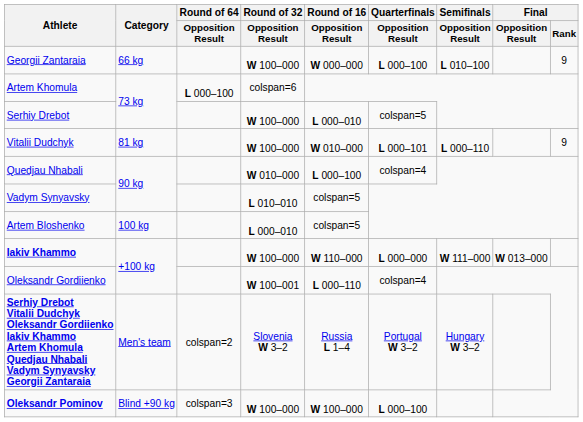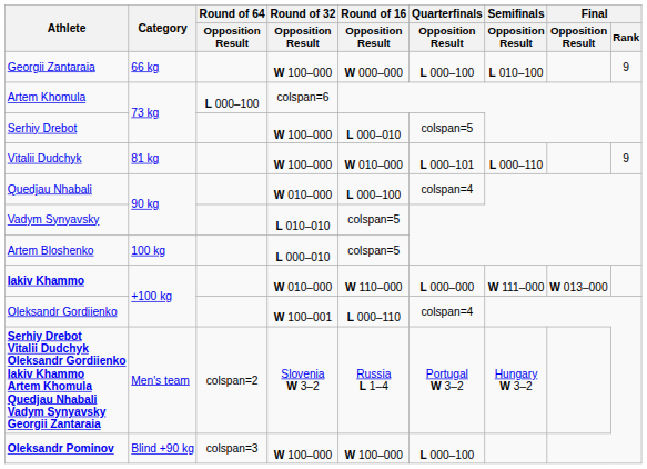 <table class="wikitable" style="text-align:center; font-size:90%">
 <tr>
 <th rowspan=2>Athlete</th>
 <th rowspan=2>Category</th>
 <th>Round of 64</th>
 <th>Round of 32</th>
 <th>Round of 16</th>
 <th>Quarterfinals</th>
 <th>Semifinals</th>
 <th colspan=2>Final</th>
 </tr>
 <tr style="font-size:95%">
 <th>Opposition<br>Result</th>
 <th>Opposition<br>Result</th>
 <th>Opposition<br>Result</th>
 <th>Opposition<br>Result</th>
 <th>Opposition<br>Result</th>
 <th>Opposition<br>Result</th>
 <th>Rank</th>
 </tr>
 <tr>
 <td align=left><a href='#'>Georgii Zantaraia</a></td>
 <td align=left><a href='#'>66 kg</a></td>
 <td></td>
 <td><br> <strong>W</strong> 100–000</td>
 <td><br> <strong>W</strong> 000–000</td>
 <td><br> <strong>L</strong> 000–100</td>
 <td><br> <strong>L</strong> 010–100</td>
 <td></td>
 <td>9</td>
 </tr>
 <tr>
 <td align=left><a href='#'>Artem Khomula</a></td>
 <td align=left rowspan="2"><a href='#'>73 kg</a></td>
 <td><br> <strong>L</strong> 000–100</td>
 <td>colspan=6 </td>
 </tr>
 <tr>
 <td align=left><a href='#'>Serhiy Drebot</a></td>
 <td></td>
 <td><br> <strong>W</strong> 100–000</td>
 <td><br> <strong>L</strong> 000–010</td>
 <td>colspan=5 </td>
 </tr>
 <tr>
 <td align=left><a href='#'>Vitalii Dudchyk</a></td>
 <td align=left><a href='#'>81 kg</a></td>
 <td></td>
 <td><br> <strong>W</strong> 100–000</td>
 <td><br> <strong>W</strong> 010–000</td>
 <td><br> <strong>L</strong> 000–101</td>
 <td><br> <strong>L</strong> 000–110</td>
 <td></td>
 <td>9</td>
 </tr>
 <tr>
 <td align=left><a href='#'>Quedjau Nhabali</a></td>
 <td align=left rowspan=2><a href='#'>90 kg</a></td>
 <td></td>
 <td><br> <strong>W</strong> 010–000</td>
 <td><br> <strong>L</strong> 000–100</td>
 <td>colspan=4 </td>
 </tr>
 <tr>
 <td align=left><a href='#'>Vadym Synyavsky</a></td>
 <td></td>
 <td><br> <strong>L</strong> 010–010</td>
 <td>colspan=5 </td>
 </tr>
 <tr>
 <td align=left><a href='#'>Artem Bloshenko</a></td>
 <td align=left><a href='#'>100 kg</a></td>
 <td></td>
 <td><br> <strong>L</strong> 000–010</td>
 <td>colspan=5 </td>
 </tr>
 <tr>
 <td align=left><strong><a href='#'>Iakiv Khammo</a></strong></td>
 <td align=left rowspan="2"><a href='#'>+100 kg</a></td>
 <td></td>
-<td><br> <strong>W</strong> 100–000</td>
+<td><br> <strong>W</strong> 010–000</td>
 <td><br> <strong>W</strong> 110–000</td>
 <td><br> <strong>L</strong> 000–000</td>
 <td><br> <strong>W</strong> 111–000</td>
 <td><br> <strong>W</strong> 013–000</td>
 <td></td>
 </tr>
 <tr>
 <td align=left><a href='#'>Oleksandr Gordiienko</a></td>
 <td></td>
 <td><br> <strong>W</strong> 100–001</td>
 <td><br> <strong>L</strong> 000–110</td>
 <td>colspan=4 </td>
 </tr>
 <tr>
 <td align=left><strong><a href='#'>Serhiy Drebot</a><br><a href='#'>Vitalii Dudchyk</a><br><a href='#'>Oleksandr Gordiienko</a><br><a href='#'>Iakiv Khammo</a><br><a href='#'>Artem Khomula</a><br><a href='#'>Quedjau Nhabali</a><br><a href='#'>Vadym Synyavsky</a><br><a href='#'>Georgii Zantaraia</a></strong></td>
 <td align=left><a href='#'>Men's team</a></td>
 <td>colspan=2 </td>
 <td> <a href='#'>Slovenia</a><br> <strong>W</strong> 3–2</td>
 <td> <a href='#'>Russia</a><br> <strong>L</strong> 1–4</td>
 <td> <a href='#'>Portugal</a><br> <strong>W</strong> 3–2</td>
 <td> <a href='#'>Hungary</a><br> <strong>W</strong> 3–2</td>
 <td></td>
 </tr>
 <tr>
 <td align=left><strong><a href='#'>Oleksandr Pominov</a></strong></td>
 <td align=left><a href='#'>Blind +90 kg</a></td>
 <td>colspan=3 </td>
 <td><br> <strong>W</strong> 100–000</td>
 <td><br> <strong>W</strong> 100–000</td>
 <td><br> <strong>L</strong> 000–100</td>
 <td></td>
 </tr>
 </table>
